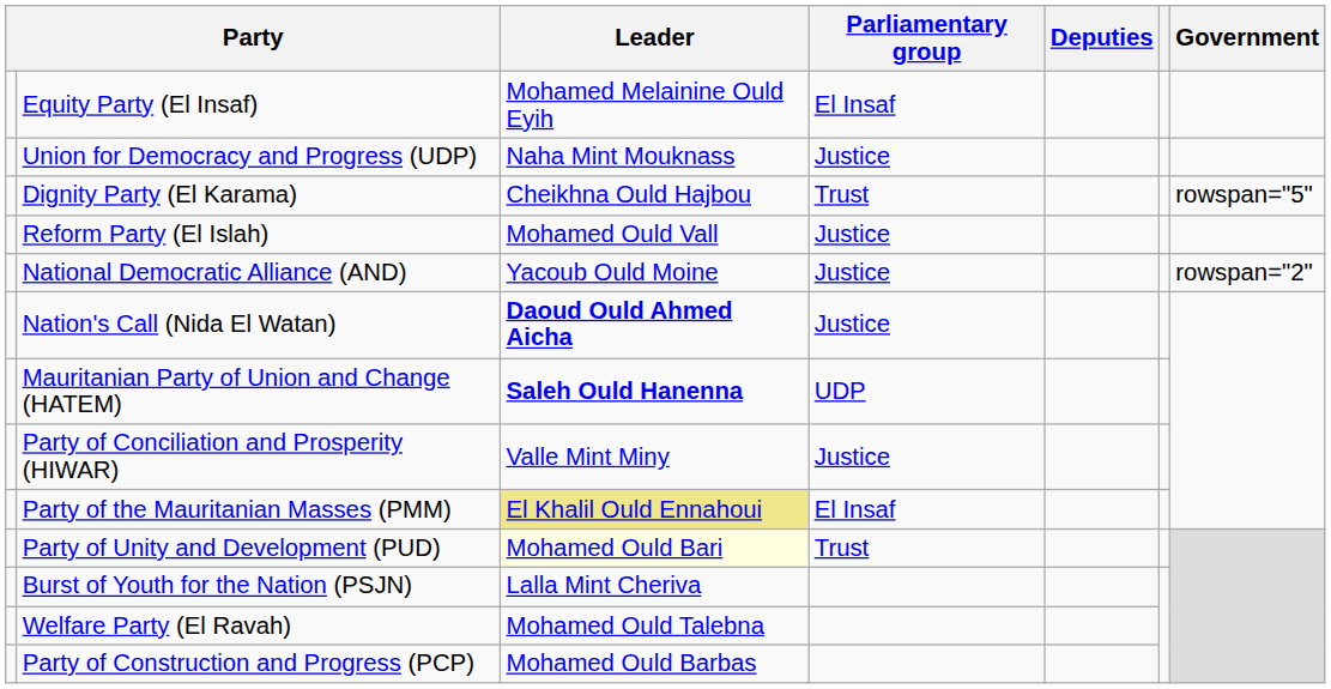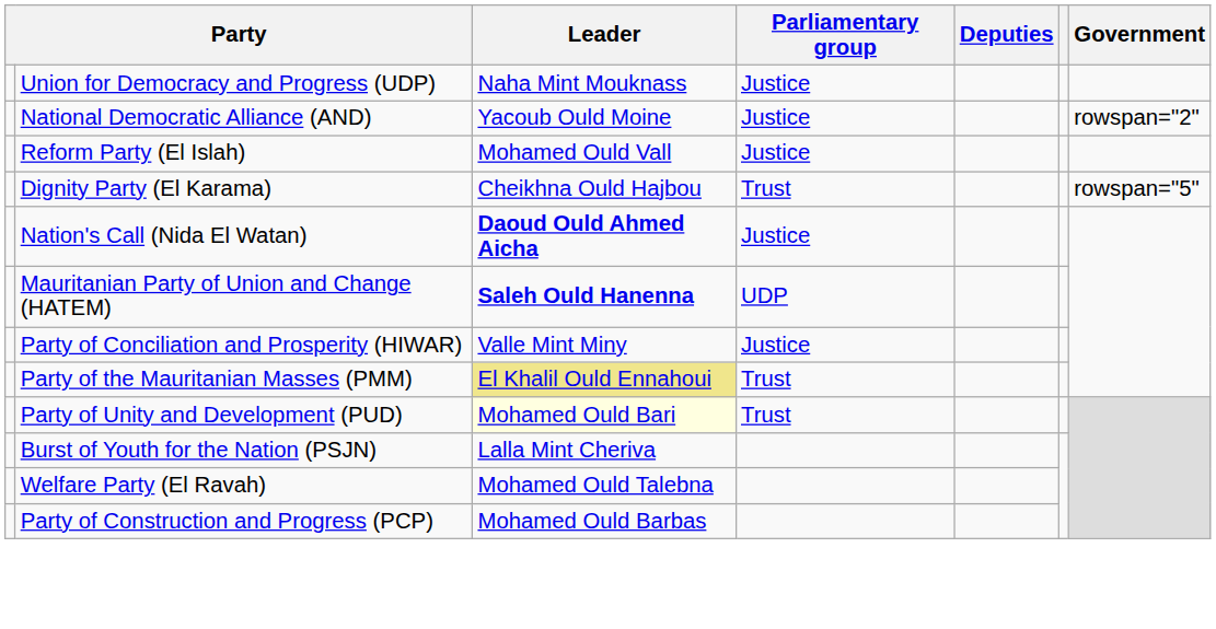 <table class="wikitable" style="text-align">
 <tr>
 <th colspan="2" style="width:160px">Party</th>
 <th>Leader</th>
 <th><a href='#'>Parliamentary group</a></th>
 <th><a href='#'>Deputies</a></th>
 <th><a href='#'></a></th>
 <th>Government</th>
-</tr>
-<tr>
-<td style="background:"></td>
-<td><a href='#'>Equity Party</a> (El Insaf)</td>
-<td><a href='#'>Mohamed Melainine Ould Eyih</a></td>
-<td><a href='#'>El Insaf</a></td>
-<td></td>
-<td></td>
-<td></td>
 </tr>
 <tr>
 <td style="background:"></td>
 <td><a href='#'>Union for Democracy and Progress</a> (UDP)</td>
 <td><a href='#'>Naha Mint Mouknass</a></td>
 <td><a href='#'>Justice</a></td>
 <td></td>
 <td></td>
 <td></td>
 </tr>
 <tr>
 <td style="background:"></td>
-<td><a href='#'>Dignity Party</a> (El Karama)</td>
-<td><a href='#'>Cheikhna Ould Hajbou</a></td>
-<td><a href='#'>Trust</a></td>
+<td><a href='#'>National Democratic Alliance</a> (AND)</td>
+<td><a href='#'>Yacoub Ould Moine</a></td>
+<td><a href='#'>Justice</a></td>
 <td></td>
 <td></td>
-<td>rowspan="5" </td>
+<td>rowspan="2" </td>
 </tr>
 <tr>
 <td style="background:"></td>
 <td><a href='#'>Reform Party</a> (El Islah)</td>
 <td><a href='#'>Mohamed Ould Vall</a></td>
 <td><a href='#'>Justice</a></td>
 <td></td>
 <td></td>
 </tr>
 <tr>
 <td style="background:"></td>
-<td><a href='#'>National Democratic Alliance</a> (AND)</td>
-<td><a href='#'>Yacoub Ould Moine</a></td>
-<td><a href='#'>Justice</a></td>
+<td><a href='#'>Dignity Party</a> (El Karama)</td>
+<td><a href='#'>Cheikhna Ould Hajbou</a></td>
+<td><a href='#'>Trust</a></td>
 <td></td>
 <td></td>
-<td>rowspan="2" </td>
+<td>rowspan="5" </td>
 </tr>
 <tr>
 <td style="background:"></td>
 <td><a href='#'>Nation's Call</a> (Nida El Watan)</td>
 <td><strong><a href='#'>Daoud Ould Ahmed Aicha</a></strong></td>
 <td><a href='#'>Justice</a></td>
 <td></td>
 <td></td>
 </tr>
 <tr>
 <td style="background:"></td>
 <td><a href='#'>Mauritanian Party of Union and Change</a> (HATEM)</td>
 <td><strong><a href='#'>Saleh Ould Hanenna</a></strong></td>
 <td><a href='#'>UDP</a></td>
 <td></td>
 <td></td>
 </tr>
 <tr>
 <td style="background:"></td>
 <td><a href='#'>Party of Conciliation and Prosperity</a> (HIWAR)</td>
 <td><a href='#'>Valle Mint Miny</a></td>
 <td><a href='#'>Justice</a></td>
 <td></td>
 <td></td>
 </tr>
 <tr>
 <td style="background:"></td>
 <td><a href='#'>Party of the Mauritanian Masses</a> (PMM)</td>
 <td style="background: khaki;"><a href='#'>El Khalil Ould Ennahoui</a></td>
-<td><a href='#'>El Insaf</a></td>
+<td><a href='#'>Trust</a></td>
 <td></td>
 <td></td>
 </tr>
 <tr>
 <td style="background:"></td>
 <td><a href='#'>Party of Unity and Development</a> (PUD)</td>
 <td style="background: lightyellow;"><a href='#'>Mohamed Ould Bari</a></td>
 <td><a href='#'>Trust</a></td>
 <td></td>
 <td></td>
 <td rowspan="4" align=center style="background:#DDDDDD;"></td>
 </tr>
 <tr>
 <td style="background:"></td>
 <td><a href='#'>Burst of Youth for the Nation</a> (PSJN)</td>
 <td><a href='#'>Lalla Mint Cheriva</a></td>
 <td></td>
 <td></td>
 </tr>
 <tr>
 <td style="background:"></td>
 <td><a href='#'>Welfare Party</a> (El Ravah)</td>
 <td><a href='#'>Mohamed Ould Talebna</a></td>
 <td></td>
 <td></td>
 </tr>
 <tr>
 <td style="background:"></td>
 <td><a href='#'>Party of Construction and Progress</a> (PCP)</td>
 <td><a href='#'>Mohamed Ould Barbas</a></td>
 <td></td>
 <td></td>
 </tr>
 </table>
